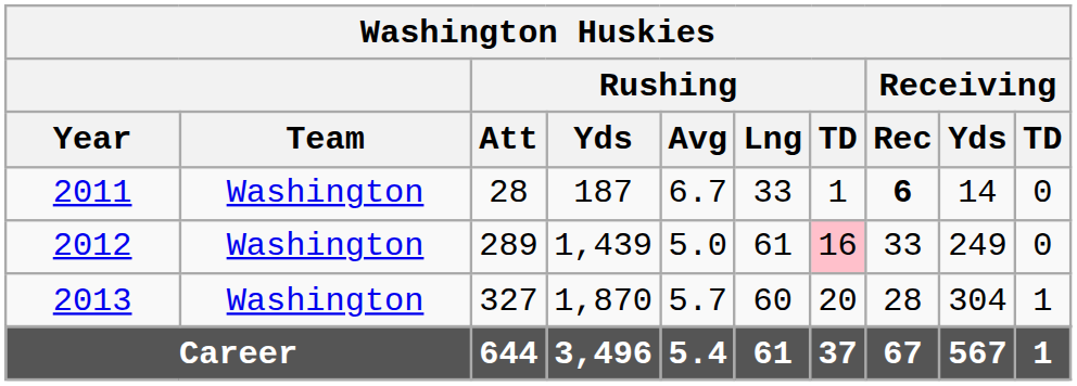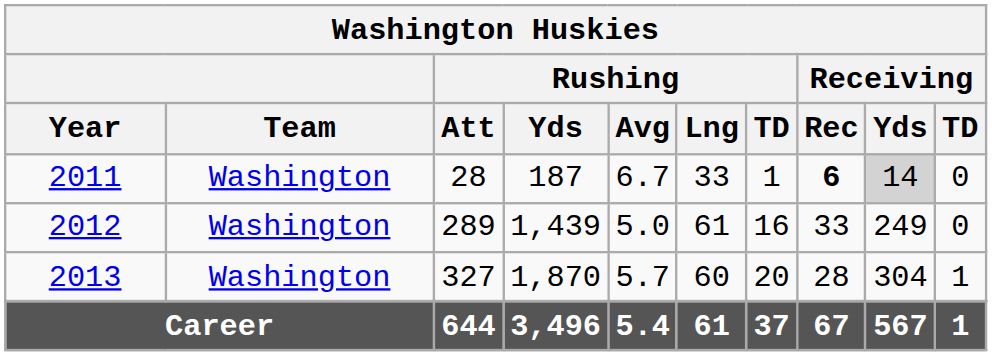 <table class="wikitable" style="text-align:center;">
 <tr>
 <th colspan="15">Washington Huskies</th>
 </tr>
 <tr>
 <th colspan="2"></th>
 <th colspan="5">Rushing</th>
 <th colspan="3">Receiving</th>
 </tr>
 <tr>
 <th>Year</th>
 <th>Team</th>
 <th>Att</th>
 <th>Yds</th>
 <th>Avg</th>
 <th>Lng</th>
 <th>TD</th>
 <th>Rec</th>
 <th>Yds</th>
 <th>TD</th>
 </tr>
 <tr>
 <td>  <a href='#'>2011</a>  </td>
 <td><a href='#'>Washington</a></td>
 <td>28</td>
 <td>187</td>
 <td>6.7</td>
 <td>33</td>
 <td>1</td>
 <td><strong>6</strong></td>
-<td>14</td>
+<td style="background: lightgrey;">14</td>
 <td>0</td>
 </tr>
 <tr>
 <td><a href='#'>2012</a></td>
 <td>  <a href='#'>Washington</a>  </td>
 <td>289</td>
 <td>1,439</td>
 <td>5.0</td>
 <td>61</td>
-<td style="background: pink;">16</td>
+<td>16</td>
 <td>33</td>
 <td>249</td>
 <td>0</td>
 </tr>
 <tr>
 <td><a href='#'>2013</a></td>
 <td><a href='#'>Washington</a></td>
 <td>327</td>
 <td>1,870</td>
 <td>5.7</td>
 <td>60</td>
 <td>20</td>
 <td>28</td>
 <td>304</td>
 <td>1</td>
 </tr>
 <tr>
 </tr>
 <tr style="background:#555555;font-weight:bold;color:white;">
 <td colspan=2>Career</td>
 <td>644</td>
 <td>3,496</td>
 <td>5.4</td>
 <td>61</td>
 <td>37</td>
 <td>67</td>
 <td>567</td>
 <td>1</td>
 </tr>
 </table>
